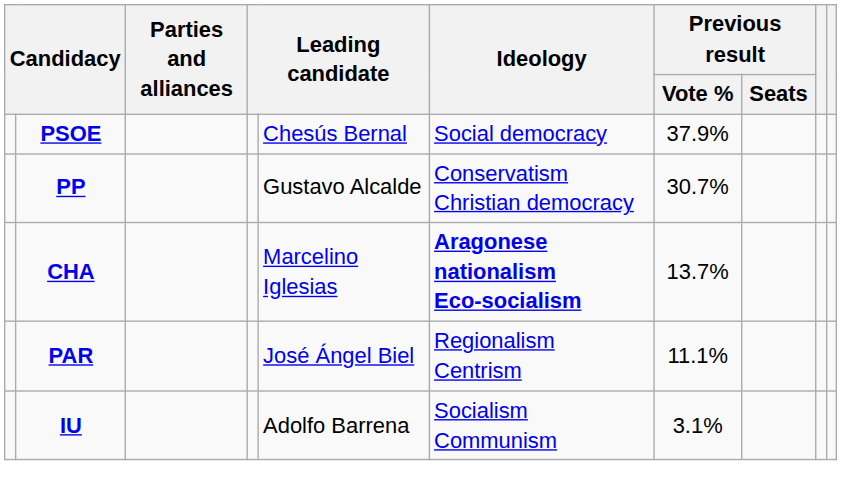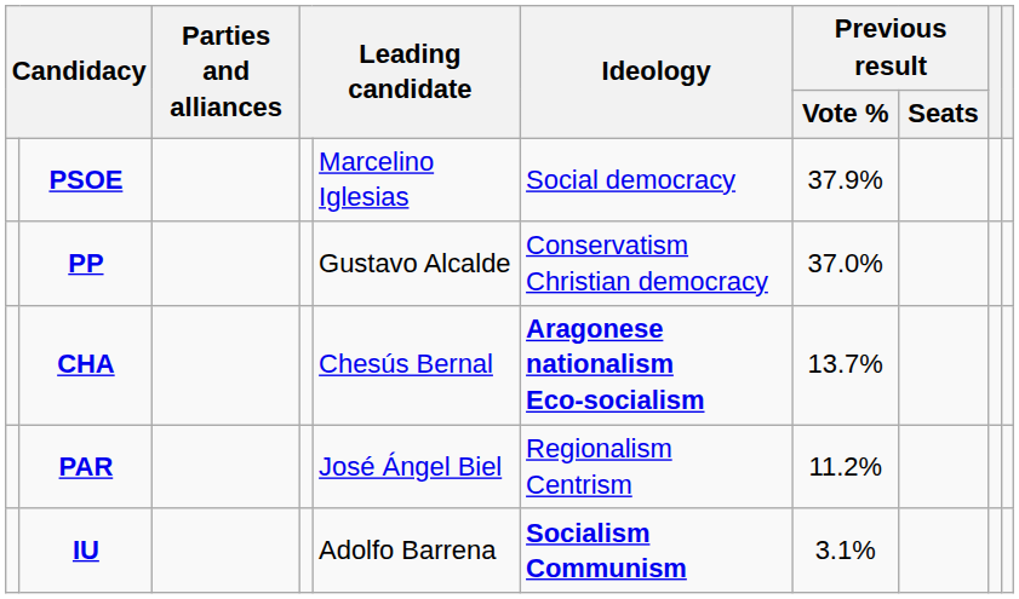 <table class="wikitable" style="line-height:1.35em; text-align:left;">
 <tr>
 <th colspan="2" rowspan="2">Candidacy</th>
 <th rowspan="2">Parties and<br>alliances</th>
 <th colspan="2" rowspan="2">Leading candidate</th>
 <th rowspan="2">Ideology</th>
 <th colspan="2">Previous result</th>
 <th rowspan="2"></th>
 <th rowspan="2"></th>
 </tr>
 <tr>
 <th>Vote %</th>
 <th>Seats</th>
 </tr>
 <tr>
 <td width="1" style="color:inherit;background:"></td>
 <td align="center"><strong><a href='#'>PSOE</a></strong></td>
 <td></td>
 <td></td>
-<td><a href='#'>Chesús Bernal</a></td>
+<td><a href='#'>Marcelino Iglesias</a></td>
 <td><a href='#'>Social democracy</a></td>
 <td align="center">37.9%</td>
 <td></td>
 <td></td>
 <td></td>
 </tr>
 <tr>
 <td style="color:inherit;background:"></td>
 <td align="center"><strong><a href='#'>PP</a></strong></td>
 <td></td>
 <td></td>
 <td>Gustavo Alcalde</td>
 <td><a href='#'>Conservatism</a><br><a href='#'>Christian democracy</a></td>
-<td align="center">30.7%</td>
+<td align="center">37.0%</td>
 <td></td>
 <td></td>
 <td></td>
 </tr>
 <tr>
 <td style="color:inherit;background:"></td>
 <td align="center"><strong><a href='#'>CHA</a></strong></td>
 <td></td>
 <td></td>
-<td><a href='#'>Marcelino Iglesias</a></td>
+<td><a href='#'>Chesús Bernal</a></td>
 <td><strong><a href='#'>Aragonese nationalism</a><br><a href='#'>Eco-socialism</a></strong></td>
 <td align="center">13.7%</td>
 <td></td>
 <td></td>
 <td></td>
 </tr>
 <tr>
 <td style="color:inherit;background:"></td>
 <td align="center"><strong><a href='#'>PAR</a></strong></td>
 <td></td>
 <td></td>
 <td><a href='#'>José Ángel Biel</a></td>
 <td><a href='#'>Regionalism</a><br><a href='#'>Centrism</a></td>
-<td align="center">11.1%</td>
+<td align="center">11.2%</td>
 <td></td>
 <td></td>
 <td></td>
 </tr>
 <tr>
 <td style="color:inherit;background:"></td>
 <td align="center"><strong><a href='#'>IU</a></strong></td>
 <td></td>
 <td></td>
 <td>Adolfo Barrena</td>
-<td><a href='#'>Socialism</a><br><a href='#'>Communism</a></td>
+<td><strong><a href='#'>Socialism</a><br><a href='#'>Communism</a></strong></td>
 <td align="center">3.1%</td>
 <td></td>
 <td></td>
 <td></td>
 </tr>
 </table>
